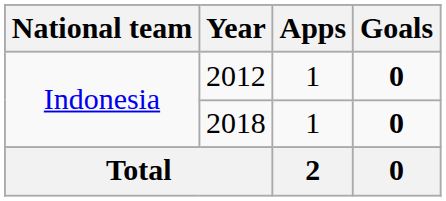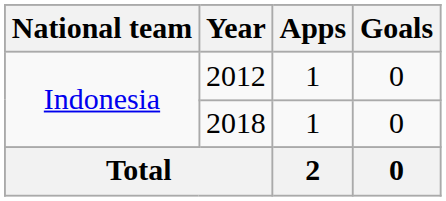 <table class=wikitable style=text-align:center>
 <tr>
 <th>National team</th>
 <th>Year</th>
 <th>Apps</th>
 <th>Goals</th>
 </tr>
 <tr>
 <td rowspan="2"><a href='#'>Indonesia</a></td>
 <td>2012</td>
 <td>1</td>
-<td><strong>0</strong></td>
+<td>0</td>
 </tr>
 <tr>
 <td>2018</td>
 <td>1</td>
-<td><strong>0</strong></td>
+<td>0</td>
 </tr>
 <tr>
 <th colspan=2>Total</th>
 <th>2</th>
 <th>0</th>
 </tr>
 </table>
